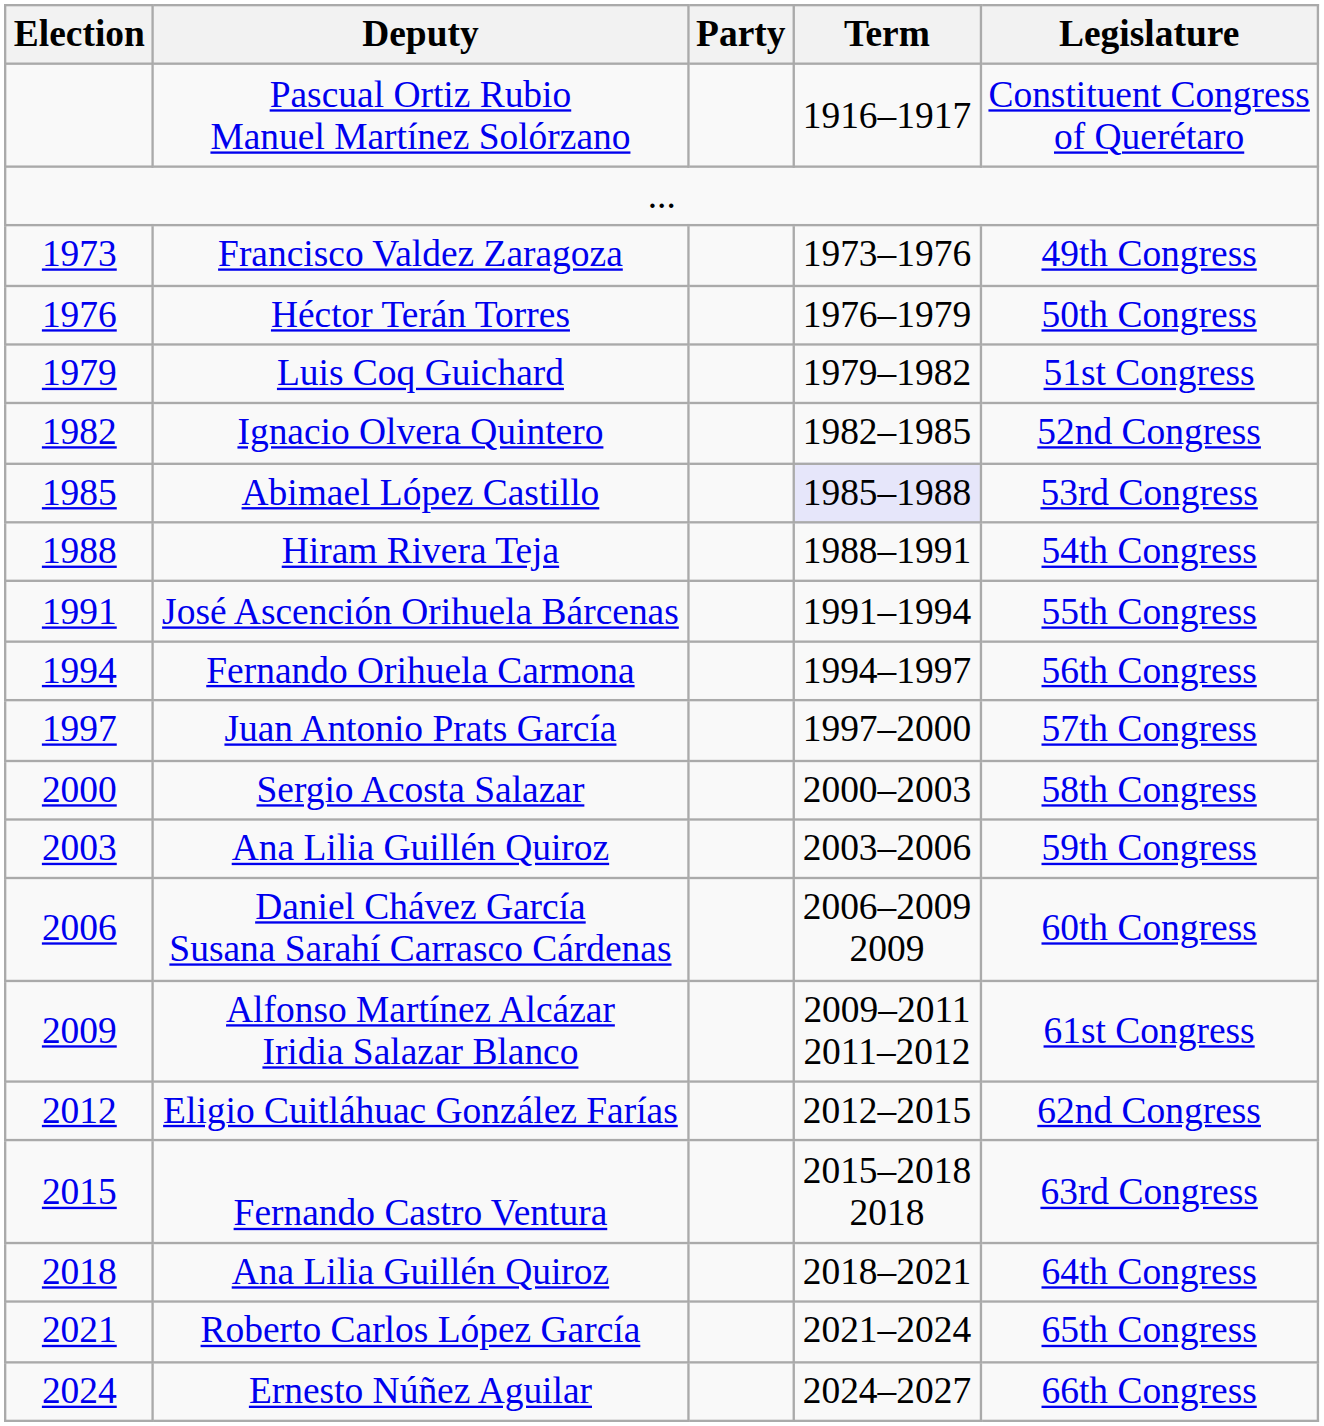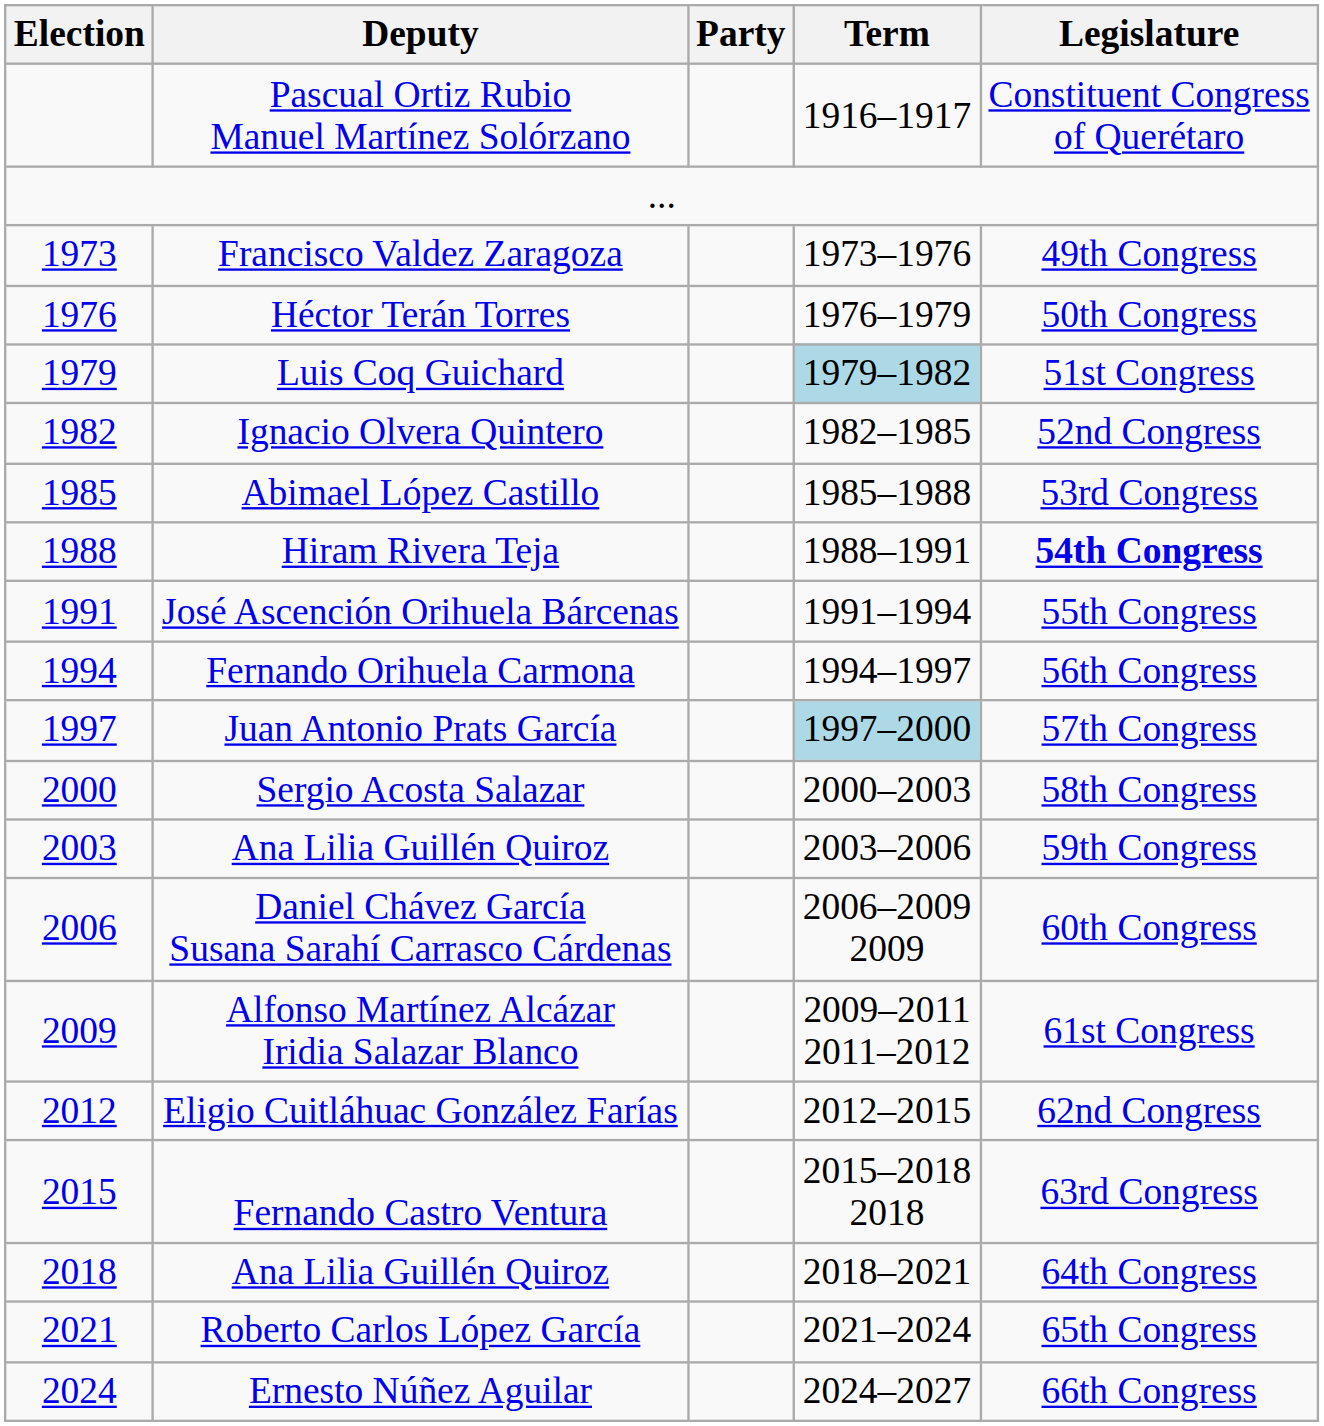 <table class="wikitable sortable" style="text-align: center">
 <tr>
 <th>Election</th>
 <th class="unsortable">Deputy</th>
 <th class="unsortable">Party</th>
 <th class="unsortable">Term</th>
 <th class="unsortable">Legislature</th>
 </tr>
 <tr>
 <td></td>
 <td><a href='#'>Pascual Ortiz Rubio</a><br><a href='#'>Manuel Martínez Solórzano</a></td>
 <td></td>
 <td>1916–1917</td>
 <td><a href='#'>Constituent Congress<br>of Querétaro</a></td>
 </tr>
 <tr>
 <td colspan=5> ...</td>
 </tr>
 <tr>
 <td><a href='#'>1973</a></td>
 <td><a href='#'>Francisco Valdez Zaragoza</a></td>
 <td></td>
 <td>1973–1976</td>
 <td><a href='#'>49th Congress</a></td>
 </tr>
 <tr>
 <td><a href='#'>1976</a></td>
 <td><a href='#'>Héctor Terán Torres</a></td>
 <td></td>
 <td>1976–1979</td>
 <td><a href='#'>50th Congress</a></td>
 </tr>
 <tr>
 <td><a href='#'>1979</a></td>
 <td><a href='#'>Luis Coq Guichard</a></td>
 <td></td>
-<td>1979–1982</td>
+<td style="background: lightblue;">1979–1982</td>
 <td><a href='#'>51st Congress</a></td>
 </tr>
 <tr>
 <td><a href='#'>1982</a></td>
 <td><a href='#'>Ignacio Olvera Quintero</a></td>
 <td></td>
 <td>1982–1985</td>
 <td><a href='#'>52nd Congress</a></td>
 </tr>
 <tr>
 <td><a href='#'>1985</a></td>
 <td><a href='#'>Abimael López Castillo</a></td>
 <td></td>
-<td style="background: lavender;">1985–1988</td>
+<td>1985–1988</td>
 <td><a href='#'>53rd Congress</a></td>
 </tr>
 <tr>
 <td><a href='#'>1988</a></td>
 <td><a href='#'>Hiram Rivera Teja</a></td>
 <td></td>
 <td>1988–1991</td>
-<td><a href='#'>54th Congress</a></td>
+<td><strong><a href='#'>54th Congress</a></strong></td>
 </tr>
 <tr>
 <td><a href='#'>1991</a></td>
 <td><a href='#'>José Ascención Orihuela Bárcenas</a></td>
 <td></td>
 <td>1991–1994</td>
 <td><a href='#'>55th Congress</a></td>
 </tr>
 <tr>
 <td><a href='#'>1994</a></td>
 <td><a href='#'>Fernando Orihuela Carmona</a></td>
 <td></td>
 <td>1994–1997</td>
 <td><a href='#'>56th Congress</a></td>
 </tr>
 <tr>
 <td><a href='#'>1997</a></td>
 <td><a href='#'>Juan Antonio Prats García</a></td>
 <td></td>
-<td>1997–2000</td>
+<td style="background: lightblue;">1997–2000</td>
 <td><a href='#'>57th Congress</a></td>
 </tr>
 <tr>
 <td><a href='#'>2000</a></td>
 <td><a href='#'>Sergio Acosta Salazar</a></td>
 <td></td>
 <td>2000–2003</td>
 <td><a href='#'>58th Congress</a></td>
 </tr>
 <tr>
 <td><a href='#'>2003</a></td>
 <td><a href='#'>Ana Lilia Guillén Quiroz</a></td>
 <td></td>
 <td>2003–2006</td>
 <td><a href='#'>59th Congress</a></td>
 </tr>
 <tr>
 <td><a href='#'>2006</a></td>
 <td><a href='#'>Daniel Chávez García</a><br><a href='#'>Susana Sarahí Carrasco Cárdenas</a></td>
 <td></td>
 <td>2006–2009<br>2009</td>
 <td><a href='#'>60th Congress</a></td>
 </tr>
 <tr>
 <td><a href='#'>2009</a></td>
 <td><a href='#'>Alfonso Martínez Alcázar</a><br><a href='#'>Iridia Salazar Blanco</a></td>
 <td></td>
 <td>2009–2011<br>2011–2012</td>
 <td><a href='#'>61st Congress</a></td>
 </tr>
 <tr>
 <td><a href='#'>2012</a></td>
 <td><a href='#'>Eligio Cuitláhuac González Farías</a></td>
 <td></td>
 <td>2012–2015</td>
 <td><a href='#'>62nd Congress</a></td>
 </tr>
 <tr>
 <td><a href='#'>2015</a></td>
 <td><br><a href='#'>Fernando Castro Ventura</a></td>
 <td></td>
 <td>2015–2018<br>2018</td>
 <td><a href='#'>63rd Congress</a></td>
 </tr>
 <tr>
 <td><a href='#'>2018</a></td>
 <td><a href='#'>Ana Lilia Guillén Quiroz</a></td>
 <td></td>
 <td>2018–2021</td>
 <td><a href='#'>64th Congress</a></td>
 </tr>
 <tr>
 <td><a href='#'>2021</a></td>
 <td><a href='#'>Roberto Carlos López García</a></td>
 <td></td>
 <td>2021–2024</td>
 <td><a href='#'>65th Congress</a></td>
 </tr>
 <tr>
 <td><a href='#'>2024</a></td>
 <td><a href='#'>Ernesto Núñez Aguilar</a></td>
 <td></td>
 <td>2024–2027</td>
 <td><a href='#'>66th Congress</a></td>
 </tr>
 </table>
